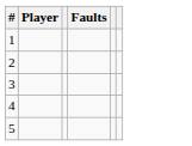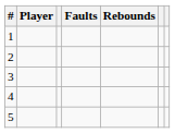 <table class="wikitable sortable" style="text-align:right; display:inline-table; font-size:90%">
 <tr>
 <th>#</th>
 <th>Player</th>
 <th></th>
 <th>Faults</th>
+<th>Rebounds</th>
 <th></th>
 <th></th>
 </tr>
 <tr>
 <td align=center>1</td>
 <td></td>
+<td align=center></td>
 <td align=center></td>
 <td align=center></td>
 <td align=center></td>
 <td align=center></td>
 </tr>
 <tr>
 <td align=center>2</td>
 <td></td>
 <td align=center></td>
 <td align=center></td>
 <td align=center></td>
 <td align=center></td>
+<td align=center></td>
 </tr>
 <tr>
 <td align=center>3</td>
 <td></td>
+<td align=center></td>
 <td align=center></td>
 <td align=center></td>
 <td align=center></td>
 <td align=center></td>
 </tr>
 <tr>
 <td align=center>4</td>
 <td></td>
 <td align=center></td>
 <td align=center></td>
 <td align=center></td>
 <td align=center></td>
+<td align=center></td>
 </tr>
 <tr>
 <td align=center>5</td>
 <td></td>
 <td align=center></td>
 <td align=center></td>
 <td align=center></td>
 <td align=center></td>
+<td align=center></td>
 </tr>
 </table>
